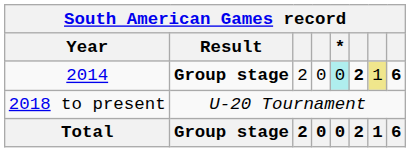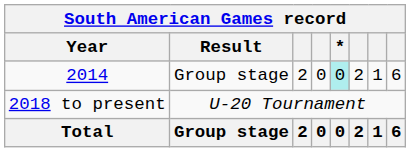 <table class="wikitable" style="text-align: center;">
 <tr>
 <th colspan=8><a href='#'>South American Games</a> record</th>
 </tr>
 <tr>
 <th>Year</th>
 <th>Result</th>
 <th></th>
 <th></th>
 <th>*</th>
 <th></th>
 <th></th>
 <th></th>
 </tr>
 <tr>
 <td> <a href='#'>2014</a></td>
-<td><strong>Group stage</strong></td>
+<td>Group stage</td>
 <td>2</td>
 <td>0</td>
 <td style="background: paleturquoise;">0</td>
-<td><strong>2</strong></td>
-<td style="background: khaki;">1</td>
-<td><strong>6</strong></td>
+<td>2</td>
+<td>1</td>
+<td>6</td>
 </tr>
 <tr>
 <td> <a href='#'>2018</a> to present</td>
 <td colspan=7><em>U-20 Tournament</em></td>
 </tr>
 <tr>
 <th>Total</th>
 <th>Group stage</th>
 <th>2</th>
 <th>0</th>
 <th>0</th>
 <th>2</th>
 <th>1</th>
 <th>6</th>
 </tr>
 </table>
